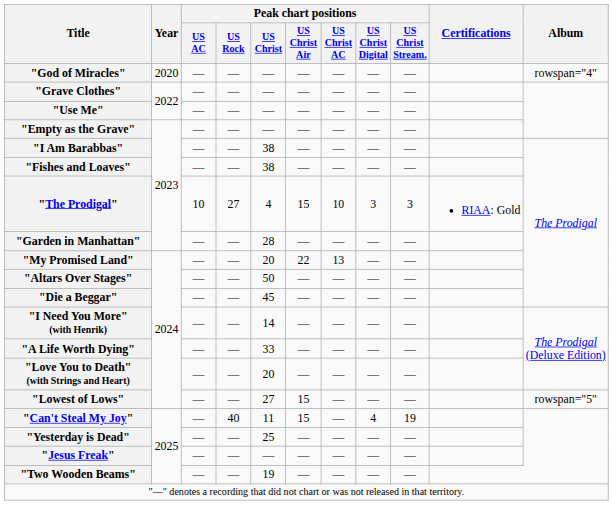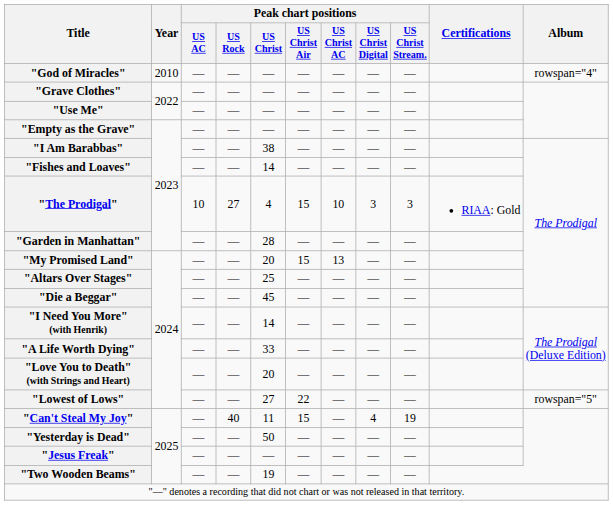 <table class="wikitable plainrowheaders" style="text-align:center;">
 <tr>
 <th scope="col" rowspan="2" style="width:12em;">Title</th>
 <th scope="col" rowspan="2">Year</th>
 <th scope="col" colspan="7">Peak chart positions</th>
 <th scope="col" rowspan="2"><a href='#'>Certifications</a><br></th>
 <th scope="col" rowspan="2">Album</th>
 </tr>
 <tr>
 <th scope="col" style="width:3em;font-size:85%;"><a href='#'>US<br>AC</a><br></th>
 <th scope="col" style="width:3em;font-size:85%;"><a href='#'>US<br>Rock</a><br></th>
 <th scope="col" style="width:3em;font-size:85%;"><a href='#'>US<br>Christ</a><br></th>
 <th scope="col" style="width:3em;font-size:85%;"><a href='#'>US<br>Christ<br>Air</a><br></th>
 <th scope="col" style="width:3em;font-size:85%;"><a href='#'>US<br>Christ<br>AC</a><br></th>
 <th scope="col" style="width:3em;font-size:85%;"><a href='#'>US<br>Christ<br>Digital</a><br></th>
 <th scope="col" style="width:3em;font-size:85%;"><a href='#'>US<br>Christ<br>Stream.</a><br></th>
 </tr>
 <tr>
 <th scope="row">"God of Miracles"</th>
-<td>2020</td>
+<td>2010</td>
 <td>—</td>
 <td>—</td>
 <td>—</td>
 <td>—</td>
 <td>—</td>
 <td>—</td>
 <td>—</td>
 <td></td>
 <td>rowspan="4" </td>
 </tr>
 <tr>
 <th scope="row">"Grave Clothes"</th>
 <td rowspan="2">2022</td>
 <td>—</td>
 <td>—</td>
 <td>—</td>
 <td>—</td>
 <td>—</td>
 <td>—</td>
 <td>—</td>
 <td></td>
 </tr>
 <tr>
 <th scope="row">"Use Me"</th>
 <td>—</td>
 <td>—</td>
 <td>—</td>
 <td>—</td>
 <td>—</td>
 <td>—</td>
 <td>—</td>
 <td></td>
 </tr>
 <tr>
 <th scope="row">"Empty as the Grave"</th>
 <td rowspan="5">2023</td>
 <td>—</td>
 <td>—</td>
 <td>—</td>
 <td>—</td>
 <td>—</td>
 <td>—</td>
 <td>—</td>
 <td></td>
 </tr>
 <tr>
 <th scope="row">"I Am Barabbas"</th>
 <td>—</td>
 <td>—</td>
 <td>38</td>
 <td>—</td>
 <td>—</td>
 <td>—</td>
 <td>—</td>
 <td></td>
 <td rowspan="7"><em><a href='#'>The Prodigal</a></em></td>
 </tr>
 <tr>
 <th scope="row">"Fishes and Loaves"</th>
 <td>—</td>
 <td>—</td>
-<td>38</td>
+<td>14</td>
 <td>—</td>
 <td>—</td>
 <td>—</td>
 <td>—</td>
 <td></td>
 </tr>
 <tr>
 <th scope="row">"<a href='#'>The Prodigal</a>"</th>
 <td>10</td>
 <td>27</td>
 <td>4</td>
 <td>15</td>
 <td>10</td>
 <td>3</td>
 <td>3</td>
 <td><br><ul><li><a href='#'>RIAA</a>: Gold</li></ul></td>
 </tr>
 <tr>
 <th scope="row">"Garden in Manhattan"</th>
 <td>—</td>
 <td>—</td>
 <td>28</td>
 <td>—</td>
 <td>—</td>
 <td>—</td>
 <td>—</td>
 <td></td>
 </tr>
 <tr>
 <th scope="row">"My Promised Land"</th>
 <td rowspan="7">2024</td>
 <td>—</td>
 <td>—</td>
 <td>20</td>
-<td>22</td>
+<td>15</td>
 <td>13</td>
 <td>—</td>
 <td>—</td>
 <td></td>
 </tr>
 <tr>
 <th scope="row">"Altars Over Stages"</th>
 <td>—</td>
 <td>—</td>
-<td>50</td>
+<td>25</td>
 <td>—</td>
 <td>—</td>
 <td>—</td>
 <td>—</td>
 <td></td>
 </tr>
 <tr>
 <th scope="row">"Die a Beggar"</th>
 <td>—</td>
 <td>—</td>
 <td>45</td>
 <td>—</td>
 <td>—</td>
 <td>—</td>
 <td>—</td>
 <td></td>
 </tr>
 <tr>
 <th scope="row">"I Need You More"<br><small>(with Henrik)</small></th>
 <td>—</td>
 <td>—</td>
 <td>14</td>
 <td>—</td>
 <td>—</td>
 <td>—</td>
 <td>—</td>
 <td></td>
 <td rowspan="3"><a href='#'><em>The Prodigal</em><br>(Deluxe Edition)</a></td>
 </tr>
 <tr>
 <th scope="row">"A Life Worth Dying"</th>
 <td>—</td>
 <td>—</td>
 <td>33</td>
 <td>—</td>
 <td>—</td>
 <td>—</td>
 <td>—</td>
 <td></td>
 </tr>
 <tr>
 <th scope="row">"Love You to Death"<br><small>(with Strings and Heart)</small></th>
 <td>—</td>
 <td>—</td>
 <td>20</td>
 <td>—</td>
 <td>—</td>
 <td>—</td>
 <td>—</td>
 <td></td>
 </tr>
 <tr>
 <th scope="row">"Lowest of Lows"</th>
 <td>—</td>
 <td>—</td>
 <td>27</td>
-<td>15</td>
+<td>22</td>
 <td>—</td>
 <td>—</td>
 <td>—</td>
 <td></td>
 <td>rowspan="5" </td>
 </tr>
 <tr>
 <th scope="row">"<a href='#'>Can't Steal My Joy</a>"<br></th>
 <td rowspan="4">2025</td>
 <td>—</td>
 <td>40</td>
 <td>11</td>
 <td>15</td>
 <td>—</td>
 <td>4</td>
 <td>19</td>
 <td></td>
 </tr>
 <tr>
 <th scope="row">"Yesterday is Dead"</th>
 <td>—</td>
 <td>—</td>
-<td>25</td>
+<td>50</td>
 <td>—</td>
 <td>—</td>
 <td>—</td>
 <td>—</td>
 <td></td>
 </tr>
 <tr>
 <th scope="row">"<a href='#'>Jesus Freak</a>"<br></th>
 <td>—</td>
 <td>—</td>
 <td>—</td>
 <td>—</td>
 <td>—</td>
 <td>—</td>
 <td>—</td>
 <td></td>
 </tr>
 <tr>
 <th scope="row">"Two Wooden Beams"</th>
 <td>—</td>
 <td>—</td>
 <td>19</td>
 <td>—</td>
 <td>—</td>
 <td>—</td>
 <td>—</td>
 </tr>
 <tr>
 <td colspan="16" style="font-size:85%">"—" denotes a recording that did not chart or was not released in that territory.</td>
 </tr>
 </table>
